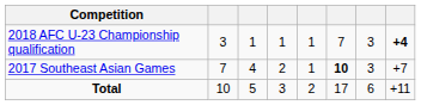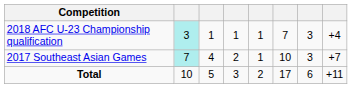 <table class="wikitable" style="text-align: center;">
 <tr>
 <th width=250>Competition</th>
 <th width=30></th>
 <th width=30></th>
 <th width=30></th>
 <th width=30></th>
 <th width=30></th>
 <th width=30></th>
 <th width=30></th>
 </tr>
 <tr>
 <td align=left><a href='#'>2018 AFC U-23 Championship qualification</a></td>
-<td>3</td>
+<td style="background: paleturquoise;">3</td>
 <td>1</td>
 <td>1</td>
 <td>1</td>
 <td>7</td>
 <td>3</td>
-<td><strong>+4</strong></td>
+<td>+4</td>
 </tr>
 <tr>
 <td align=left><a href='#'>2017 Southeast Asian Games</a></td>
-<td>7</td>
+<td style="background: paleturquoise;">7</td>
 <td>4</td>
 <td>2</td>
 <td>1</td>
-<td><strong>10</strong></td>
+<td>10</td>
 <td>3</td>
 <td>+7</td>
 </tr>
 <tr>
 <td><strong>Total</strong></td>
 <td>10</td>
 <td>5</td>
 <td>3</td>
 <td>2</td>
 <td>17</td>
 <td>6</td>
 <td>+11</td>
 </tr>
 </table>
